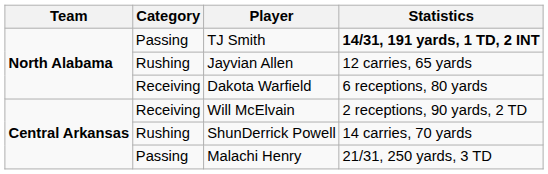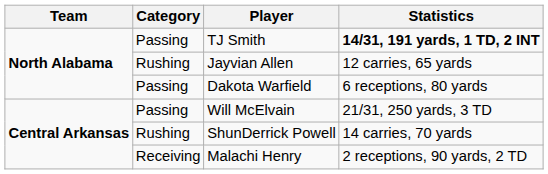 <table class="wikitable" style="float: right;">
 <tr>
 <th>Team</th>
 <th>Category</th>
 <th>Player</th>
 <th>Statistics</th>
 </tr>
 <tr>
 <td rowspan=3><strong>North Alabama</strong></td>
 <td>Passing</td>
 <td>TJ Smith</td>
 <td><strong>14/31, 191 yards, 1 TD, 2 INT</strong></td>
 </tr>
 <tr>
 <td>Rushing</td>
 <td>Jayvian Allen</td>
 <td>12 carries, 65 yards</td>
 </tr>
 <tr>
-<td>Receiving</td>
+<td>Passing</td>
 <td>Dakota Warfield</td>
 <td>6 receptions, 80 yards</td>
 </tr>
 <tr>
 <td rowspan=3><strong>Central Arkansas</strong></td>
-<td>Receiving</td>
+<td>Passing</td>
 <td>Will McElvain</td>
-<td>2 receptions, 90 yards, 2 TD</td>
+<td>21/31, 250 yards, 3 TD</td>
 </tr>
 <tr>
 <td>Rushing</td>
 <td>ShunDerrick Powell</td>
 <td>14 carries, 70 yards</td>
 </tr>
 <tr>
-<td>Passing</td>
+<td>Receiving</td>
 <td>Malachi Henry</td>
-<td>21/31, 250 yards, 3 TD</td>
+<td>2 receptions, 90 yards, 2 TD</td>
 </tr>
 </table>
